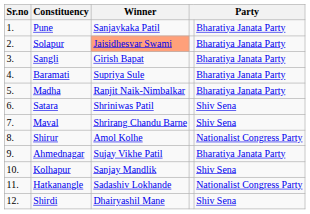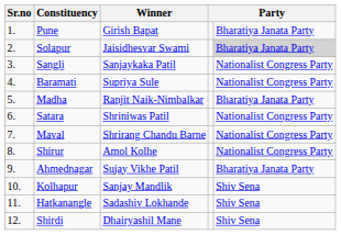 <table class="wikitable sortable">
 <tr>
 <th>Sr.no</th>
 <th>Constituency</th>
 <th>Winner</th>
 <th colspan=2>Party</th>
 </tr>
 <tr>
 <td>1.</td>
 <td><a href='#'>Pune</a></td>
-<td><a href='#'>Sanjaykaka Patil</a></td>
+<td><a href='#'>Girish Bapat</a></td>
 <td style="background-color:"></td>
 <td><a href='#'>Bharatiya Janata Party</a></td>
 </tr>
 <tr>
 <td>2.</td>
 <td><a href='#'>Solapur</a></td>
-<td style="background: lightsalmon;"><a href='#'>Jaisidhesvar Swami</a></td>
+<td><a href='#'>Jaisidhesvar Swami</a></td>
 <td style="background-color:"></td>
-<td><a href='#'>Bharatiya Janata Party</a></td>
+<td style="background: lightgrey;"><a href='#'>Bharatiya Janata Party</a></td>
 </tr>
 <tr>
 <td>3.</td>
 <td><a href='#'>Sangli</a></td>
-<td><a href='#'>Girish Bapat</a></td>
+<td><a href='#'>Sanjaykaka Patil</a></td>
 <td style="background-color:"></td>
-<td><a href='#'>Bharatiya Janata Party</a></td>
+<td><a href='#'>Nationalist Congress Party</a></td>
 </tr>
 <tr>
 <td>4.</td>
 <td><a href='#'>Baramati</a></td>
 <td><a href='#'>Supriya Sule</a></td>
 <td style="background-color: "></td>
-<td><a href='#'>Bharatiya Janata Party</a></td>
+<td><a href='#'>Nationalist Congress Party</a></td>
 </tr>
 <tr>
 <td>5.</td>
 <td><a href='#'>Madha</a></td>
 <td><a href='#'>Ranjit Naik-Nimbalkar</a></td>
 <td style="background-color:"></td>
 <td><a href='#'>Bharatiya Janata Party</a></td>
 </tr>
 <tr>
 <td>6.</td>
 <td><a href='#'>Satara</a></td>
 <td><a href='#'>Shriniwas Patil</a></td>
 <td style="background-color: "></td>
-<td><a href='#'>Shiv Sena</a></td>
+<td><a href='#'>Nationalist Congress Party</a></td>
 </tr>
 <tr>
 <td>7.</td>
 <td><a href='#'>Maval</a></td>
 <td><a href='#'>Shrirang Chandu Barne</a></td>
 <td style="background-color: "></td>
-<td><a href='#'>Shiv Sena</a></td>
+<td><a href='#'>Nationalist Congress Party</a></td>
 </tr>
 <tr>
 <td>8.</td>
 <td><a href='#'>Shirur</a></td>
 <td><a href='#'>Amol Kolhe</a></td>
 <td style="background-color: "></td>
 <td><a href='#'>Nationalist Congress Party</a></td>
 </tr>
 <tr>
 <td>9.</td>
 <td><a href='#'>Ahmednagar</a></td>
 <td><a href='#'>Sujay Vikhe Patil</a></td>
 <td style="background-color:"></td>
 <td><a href='#'>Bharatiya Janata Party</a></td>
 </tr>
 <tr>
 <td>10.</td>
 <td><a href='#'>Kolhapur</a></td>
 <td><a href='#'>Sanjay Mandlik</a></td>
 <td style="background-color: "></td>
 <td><a href='#'>Shiv Sena</a></td>
 </tr>
 <tr>
 <td>11.</td>
 <td><a href='#'>Hatkanangle</a></td>
 <td><a href='#'>Sadashiv Lokhande</a></td>
 <td style="background-color: "></td>
-<td><a href='#'>Nationalist Congress Party</a></td>
+<td><a href='#'>Shiv Sena</a></td>
 </tr>
 <tr>
 <td>12.</td>
 <td><a href='#'>Shirdi</a></td>
 <td><a href='#'>Dhairyashil Mane</a></td>
 <td style="background-color: "></td>
 <td><a href='#'>Shiv Sena</a></td>
 </tr>
 </table>
